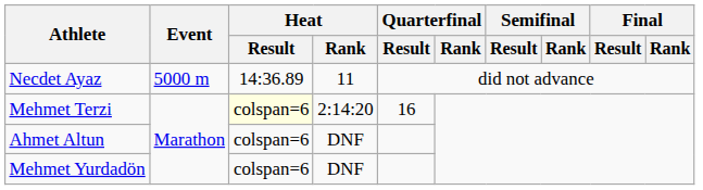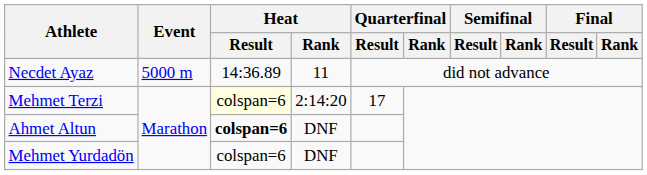 <table class=wikitable style="font-size:90%">
 <tr>
 <th rowspan="2">Athlete</th>
 <th rowspan="2">Event</th>
 <th colspan="2">Heat</th>
 <th colspan="2">Quarterfinal</th>
 <th colspan="2">Semifinal</th>
 <th colspan="2">Final</th>
 </tr>
 <tr style="font-size:95%">
 <th>Result</th>
 <th>Rank</th>
 <th>Result</th>
 <th>Rank</th>
 <th>Result</th>
 <th>Rank</th>
 <th>Result</th>
 <th>Rank</th>
 </tr>
 <tr align=center>
 <td align=left><a href='#'>Necdet Ayaz</a></td>
 <td align=left rowspan=1><a href='#'>5000 m</a></td>
 <td>14:36.89</td>
 <td>11</td>
 <td colspan=6>did not advance</td>
 </tr>
 <tr align=center>
 <td align=left><a href='#'>Mehmet Terzi</a></td>
 <td align=left rowspan=6><a href='#'>Marathon</a></td>
 <td style="background: lightyellow;">colspan=6 </td>
 <td>2:14:20</td>
-<td>16</td>
+<td>17</td>
 </tr>
 <tr align=center>
 <td align=left><a href='#'>Ahmet Altun</a></td>
-<td>colspan=6 </td>
+<td><strong>colspan=6 </strong></td>
 <td>DNF</td>
 <td></td>
 </tr>
 <tr align=center>
 <td align=left><a href='#'>Mehmet Yurdadön</a></td>
 <td>colspan=6 </td>
 <td>DNF</td>
 <td></td>
 </tr>
 </table>
